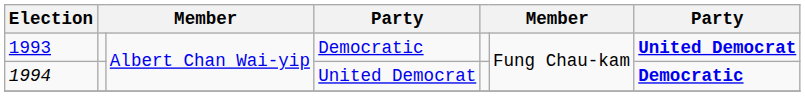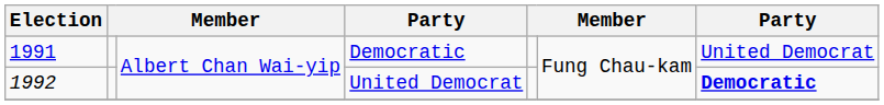 <table class="wikitable">
 <tr>
 <th>Election</th>
 <th colspan="2">Member</th>
 <th>Party</th>
 <th colspan="2">Member</th>
 <th>Party</th>
 </tr>
 <tr>
-<td><a href='#'>1993</a></td>
+<td><a href='#'>1991</a></td>
 <td style="background-color: "></td>
 <td rowspan=2><a href='#'>Albert Chan Wai-yip</a></td>
 <td><a href='#'>Democratic</a></td>
 <td style="background-color: "></td>
 <td rowspan=2>Fung Chau-kam</td>
-<td><strong><a href='#'>United Democrat</a></strong></td>
+<td><a href='#'>United Democrat</a></td>
 </tr>
 <tr>
-<td><em>1994</em></td>
+<td><em>1992</em></td>
 <td style="background-color: "></td>
 <td><a href='#'>United Democrat</a></td>
 <td style="background-color: "></td>
 <td><strong><a href='#'>Democratic</a></strong></td>
 </tr>
 <tr>
 </tr>
 </table>
